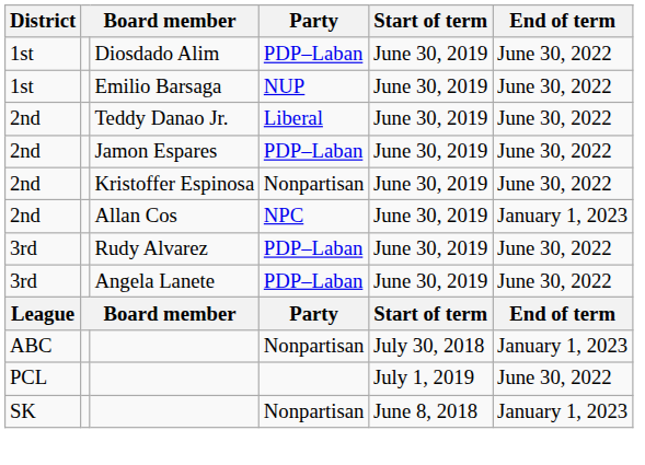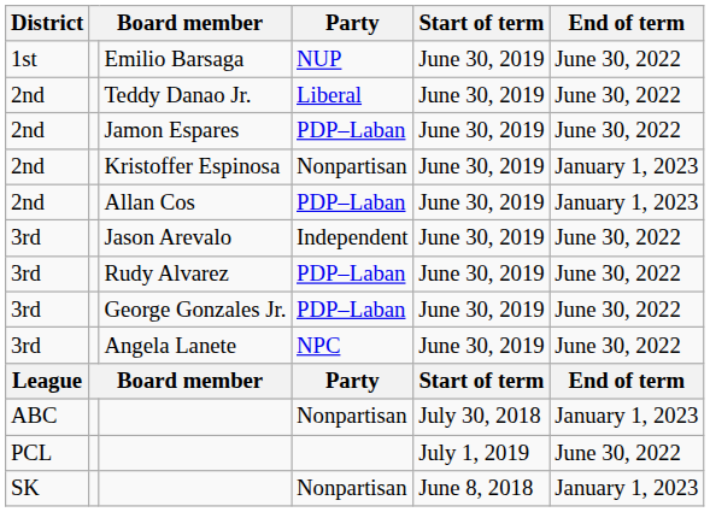 <table class="wikitable">
 <tr>
 <th>District</th>
 <th colspan="2">Board member</th>
 <th>Party</th>
 <th>Start of term</th>
 <th>End of term</th>
-</tr>
-<tr>
-<td>1st</td>
-<td></td>
-<td>Diosdado Alim</td>
-<td><a href='#'>PDP–Laban</a></td>
-<td>June 30, 2019</td>
-<td>June 30, 2022</td>
 </tr>
 <tr>
 <td>1st</td>
 <td></td>
 <td>Emilio Barsaga</td>
 <td><a href='#'>NUP</a></td>
 <td>June 30, 2019</td>
 <td>June 30, 2022</td>
 </tr>
 <tr>
 <td>2nd</td>
 <td></td>
 <td>Teddy Danao Jr.</td>
 <td><a href='#'>Liberal</a></td>
 <td>June 30, 2019</td>
 <td>June 30, 2022</td>
 </tr>
 <tr>
 <td>2nd</td>
 <td></td>
 <td>Jamon Espares</td>
 <td><a href='#'>PDP–Laban</a></td>
 <td>June 30, 2019</td>
 <td>June 30, 2022</td>
 </tr>
 <tr>
 <td>2nd</td>
 <td></td>
 <td>Kristoffer Espinosa</td>
 <td>Nonpartisan</td>
 <td>June 30, 2019</td>
-<td>June 30, 2022</td>
+<td>January 1, 2023</td>
 </tr>
 <tr>
 <td>2nd</td>
 <td></td>
 <td>Allan Cos</td>
-<td><a href='#'>NPC</a></td>
+<td><a href='#'>PDP–Laban</a></td>
 <td>June 30, 2019</td>
 <td>January 1, 2023</td>
+</tr>
+<tr>
+<td>3rd</td>
+<td></td>
+<td>Jason Arevalo</td>
+<td>Independent</td>
+<td>June 30, 2019</td>
+<td>June 30, 2022</td>
 </tr>
 <tr>
 <td>3rd</td>
 <td></td>
 <td>Rudy Alvarez</td>
 <td><a href='#'>PDP–Laban</a></td>
 <td>June 30, 2019</td>
 <td>June 30, 2022</td>
 </tr>
 <tr>
 <td>3rd</td>
 <td></td>
+<td>George Gonzales Jr.</td>
+<td><a href='#'>PDP–Laban</a></td>
+<td>June 30, 2019</td>
+<td>June 30, 2022</td>
+</tr>
+<tr>
+<td>3rd</td>
+<td></td>
 <td>Angela Lanete</td>
-<td><a href='#'>PDP–Laban</a></td>
+<td><a href='#'>NPC</a></td>
 <td>June 30, 2019</td>
 <td>June 30, 2022</td>
 </tr>
 <tr>
 <th>League</th>
 <th colspan="2">Board member</th>
 <th>Party</th>
 <th>Start of term</th>
 <th>End of term</th>
 </tr>
 <tr>
 <td>ABC</td>
 <td></td>
 <td></td>
 <td>Nonpartisan</td>
 <td>July 30, 2018</td>
 <td>January 1, 2023</td>
 </tr>
 <tr>
 <td>PCL</td>
 <td></td>
 <td></td>
 <td></td>
 <td>July 1, 2019</td>
 <td>June 30, 2022</td>
 </tr>
 <tr>
 <td>SK</td>
 <td></td>
 <td></td>
 <td>Nonpartisan</td>
 <td>June 8, 2018</td>
 <td>January 1, 2023</td>
 </tr>
 </table>
